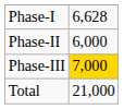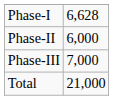 <table class="wikitable">
 <tr ! Phase !!  Project cost (>
 </tr>
 <tr>
 <td>Phase-I</td>
 <td> 6,628</td>
 </tr>
 <tr>
 <td>Phase-II</td>
 <td> 6,000</td>
 </tr>
 <tr>
 <td>Phase-III</td>
-<td style="background: gold;"> 7,000</td>
+<td> 7,000</td>
 </tr>
 <tr>
 <td>Total</td>
 <td> 21,000</td>
 </tr>
 </table>
